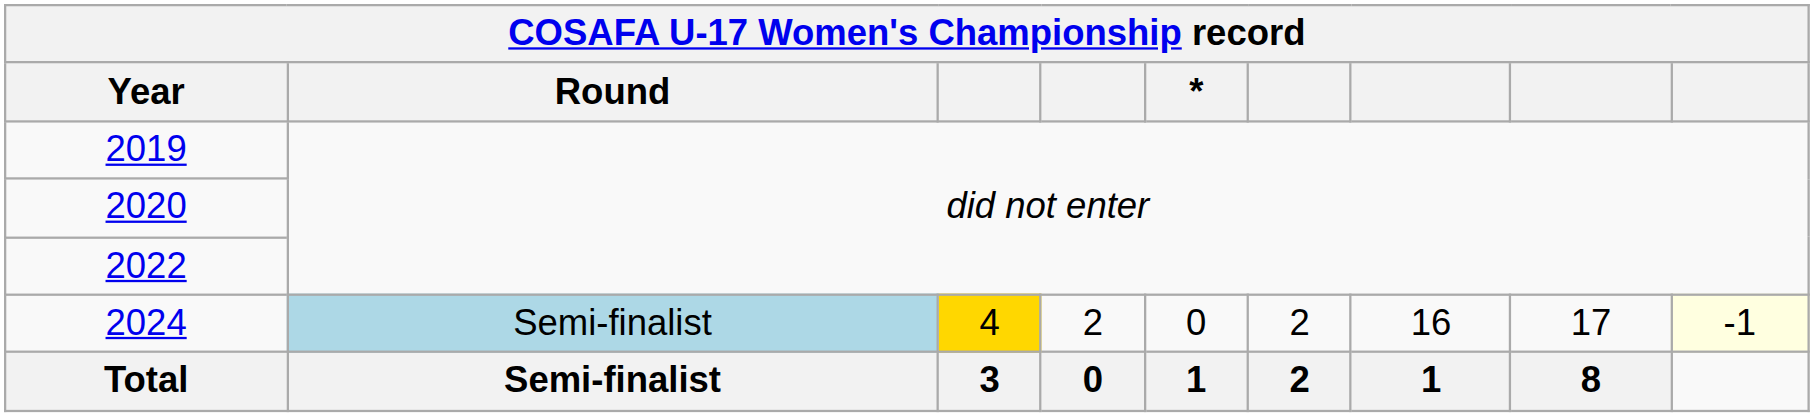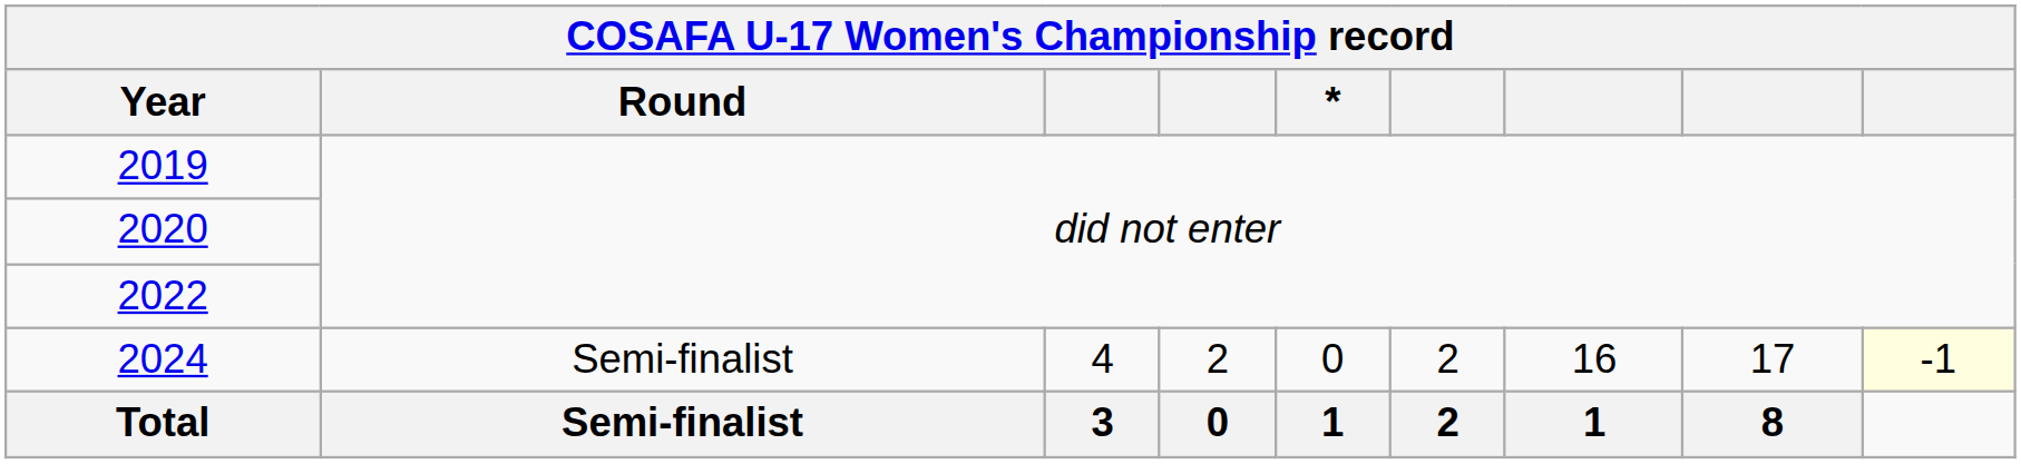 <table class="wikitable" style="text-align: center; width:50%;">
 <tr>
 <th colspan=10><a href='#'>COSAFA U-17 Women's Championship</a> record</th>
 </tr>
 <tr>
 <th>Year</th>
 <th>Round</th>
 <th></th>
 <th></th>
 <th>*</th>
 <th></th>
 <th></th>
 <th></th>
 <th></th>
 </tr>
 <tr>
 <td> <a href='#'>2019</a></td>
 <td rowspan=3 colspan=8><em>did not enter</em></td>
 </tr>
 <tr>
 <td> <a href='#'>2020</a></td>
 </tr>
 <tr>
 <td> <a href='#'>2022</a></td>
 </tr>
 <tr>
 <td> <a href='#'>2024</a></td>
-<td style="background: lightblue;">Semi-finalist</td>
-<td style="background: gold;">4</td>
+<td>Semi-finalist</td>
+<td>4</td>
 <td>2</td>
 <td>0</td>
 <td>2</td>
 <td>16</td>
 <td>17</td>
 <td style="background: lightyellow;">-1</td>
 </tr>
 <tr>
 <th>Total</th>
 <th>Semi-finalist</th>
 <th>3</th>
 <th>0</th>
 <th>1</th>
 <th>2</th>
 <th>1</th>
 <th>8</th>
 </tr>
 </table>
